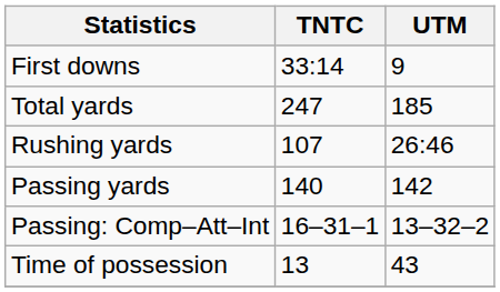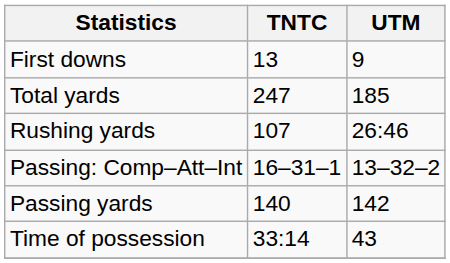 <table class="wikitable" style="float: left;">
 <tr>
 <th>Statistics</th>
 <th>TNTC</th>
 <th>UTM</th>
 </tr>
 <tr>
 <td>First downs</td>
-<td>33:14</td>
+<td>13</td>
 <td>9</td>
 </tr>
 <tr>
 <td>Total yards</td>
 <td>247</td>
 <td>185</td>
 </tr>
 <tr>
 <td>Rushing yards</td>
 <td>107</td>
 <td>26:46</td>
 </tr>
 <tr>
+<td>Passing: Comp–Att–Int</td>
+<td>16–31–1</td>
+<td>13–32–2</td>
+</tr>
+<tr>
 <td>Passing yards</td>
 <td>140</td>
 <td>142</td>
 </tr>
 <tr>
-<td>Passing: Comp–Att–Int</td>
-<td>16–31–1</td>
-<td>13–32–2</td>
-</tr>
-<tr>
 <td>Time of possession</td>
-<td>13</td>
+<td>33:14</td>
 <td>43</td>
 </tr>
 <tr>
 </tr>
 </table>
